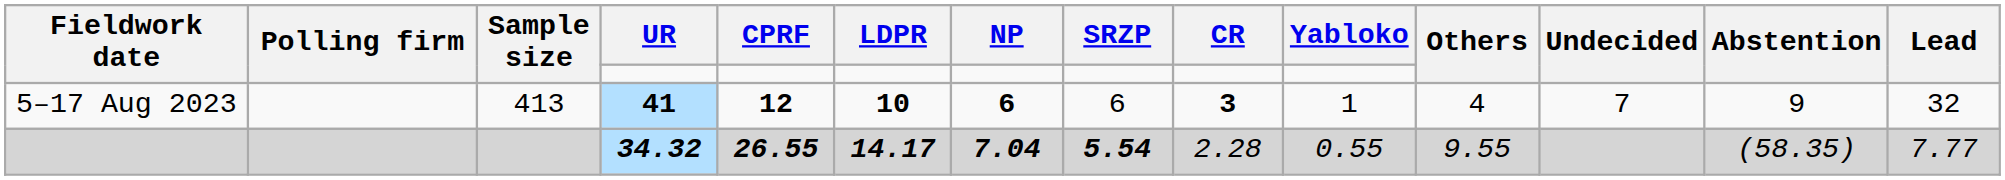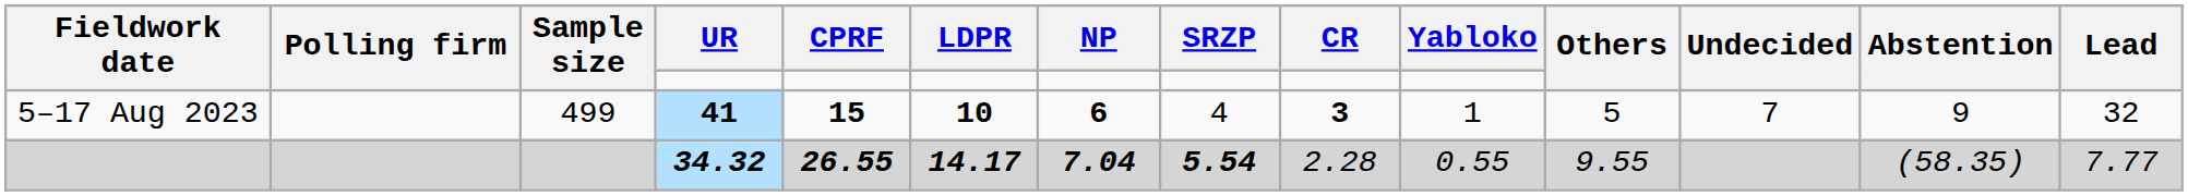 <table class=wikitable style="font-size:95%; line-height:14px; text-align:center">
 <tr>
 <th style=width:120px; rowspan=2>Fieldwork date</th>
 <th style=width:120px; rowspan=2>Polling firm</th>
 <th style=width:50px; rowspan=2>Sample<br>size</th>
 <th style="width:50px;"><a href='#'>UR</a></th>
 <th style="width:50px;"><a href='#'>CPRF</a></th>
 <th style="width:50px;"><a href='#'>LDPR</a></th>
 <th style="width:50px;"><a href='#'>NP</a></th>
 <th style="width:50px;"><a href='#'>SRZP</a></th>
 <th style="width:50px;"><a href='#'>CR</a></th>
 <th style="width:50px;"><a href='#'>Yabloko</a></th>
 <th style="width:50px;" rowspan=2>Others</th>
 <th style="width:50px;" rowspan=2>Undecided</th>
 <th style="width:50px;" rowspan=2>Abstention</th>
 <th style="width:50px;" rowspan="2">Lead</th>
 </tr>
 <tr>
 <td bgcolor=></td>
 <td bgcolor=></td>
 <td bgcolor=></td>
 <td bgcolor=></td>
 <td bgcolor=></td>
 <td bgcolor=></td>
 <td bgcolor=></td>
 </tr>
 <tr>
 <td>5–17 Aug 2023</td>
 <td></td>
-<td>413</td>
+<td>499</td>
 <td style="background:#B3E0FF"><strong>41</strong></td>
-<td><strong>12</strong></td>
+<td><strong>15</strong></td>
 <td><strong>10</strong></td>
 <td><strong>6</strong></td>
-<td>6</td>
+<td>4</td>
 <td><strong>3</strong></td>
 <td>1</td>
-<td>4</td>
+<td>5</td>
 <td>7</td>
 <td>9</td>
 <td style="background:">32</td>
 </tr>
 <tr style="background:#D5D5D5">
 <td></td>
 <td></td>
 <td></td>
 <td style="background:#B3E0FF"><strong><em>34.32</em></strong></td>
 <td><strong><em>26.55</em></strong></td>
 <td><strong><em>14.17</em></strong></td>
 <td><strong><em>7.04</em></strong></td>
 <td><strong><em>5.54</em></strong></td>
 <td><em>2.28</em></td>
 <td><em>0.55</em></td>
 <td><em>9.55</em></td>
 <td></td>
 <td><em>(58.35)</em></td>
 <td style="background:"><em>7.77</em></td>
 </tr>
 </table>
